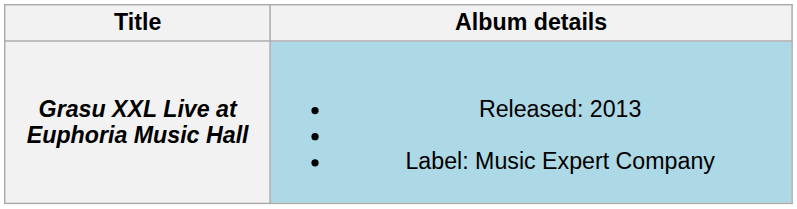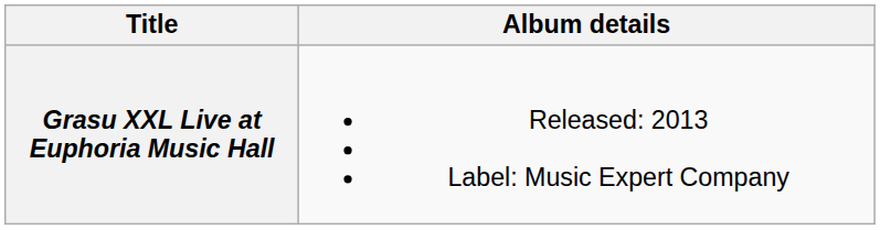 <table class="wikitable plainrowheaders" style="text-align:center;">
 <tr>
 <th scope="col" style="width:11em;">Title</th>
 <th scope="col" style="width:22em;">Album details</th>
 </tr>
 <tr>
 <th scope="row"><em>Grasu XXL Live at Euphoria Music Hall</em></th>
-<td style="background: lightblue;"><br><ul><li>Released: 2013</li><li></li><li>Label: Music Expert Company</li></ul></td>
+<td><br><ul><li>Released: 2013</li><li></li><li>Label: Music Expert Company</li></ul></td>
 </tr>
 </table>
